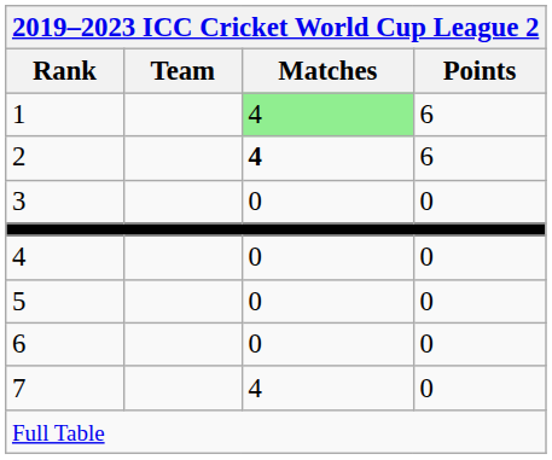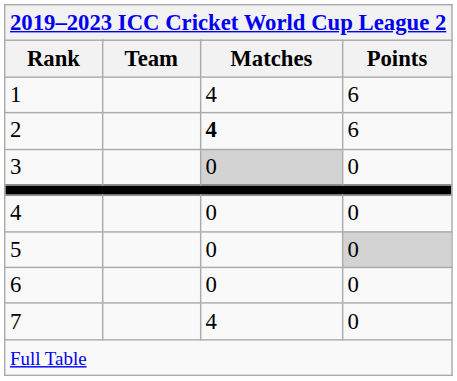 <table class="wikitable" style="white-space: nowrap;" style="text-align:center">
 <tr>
 <th colspan="4"><a href='#'>2019–2023 ICC Cricket World Cup League 2</a></th>
 </tr>
 <tr>
 <th>Rank</th>
 <th>Team</th>
 <th>Matches</th>
 <th>Points</th>
 </tr>
 <tr>
 <td>1</td>
 <td style="text-align:left"></td>
-<td style="background: lightgreen;">4</td>
+<td>4</td>
 <td>6</td>
 </tr>
 <tr>
 <td>2</td>
 <td style="text-align:left"></td>
 <td><strong>4</strong></td>
 <td>6</td>
 </tr>
 <tr>
 <td>3</td>
 <td style="text-align:left"></td>
-<td>0</td>
+<td style="background: lightgrey;">0</td>
 <td>0</td>
 </tr>
 <tr>
 <td colspan="4" style="background-color:#000"></td>
 </tr>
 <tr>
 <td>4</td>
 <td style="text-align:left"></td>
 <td>0</td>
 <td>0</td>
 </tr>
 <tr>
 <td>5</td>
 <td style="text-align:left"></td>
 <td>0</td>
-<td>0</td>
+<td style="background: lightgrey;">0</td>
 </tr>
 <tr>
 <td>6</td>
 <td style="text-align:left"></td>
 <td>0</td>
 <td>0</td>
 </tr>
 <tr>
 <td>7</td>
 <td style="text-align:left"></td>
 <td>4</td>
 <td>0</td>
 </tr>
 <tr>
 <td colspan="4"><small><a href='#'>Full Table</a></small></td>
 </tr>
 </table>
